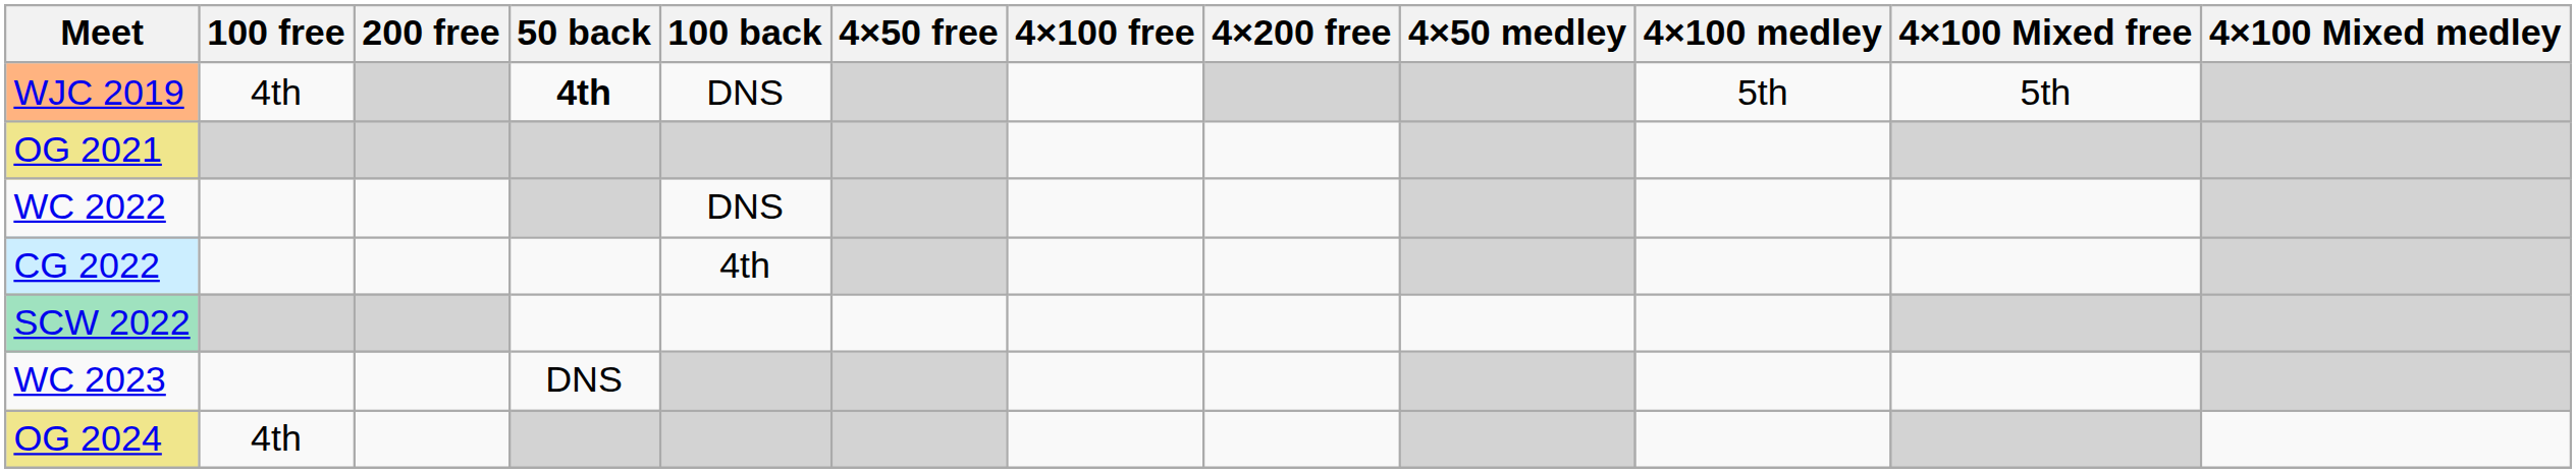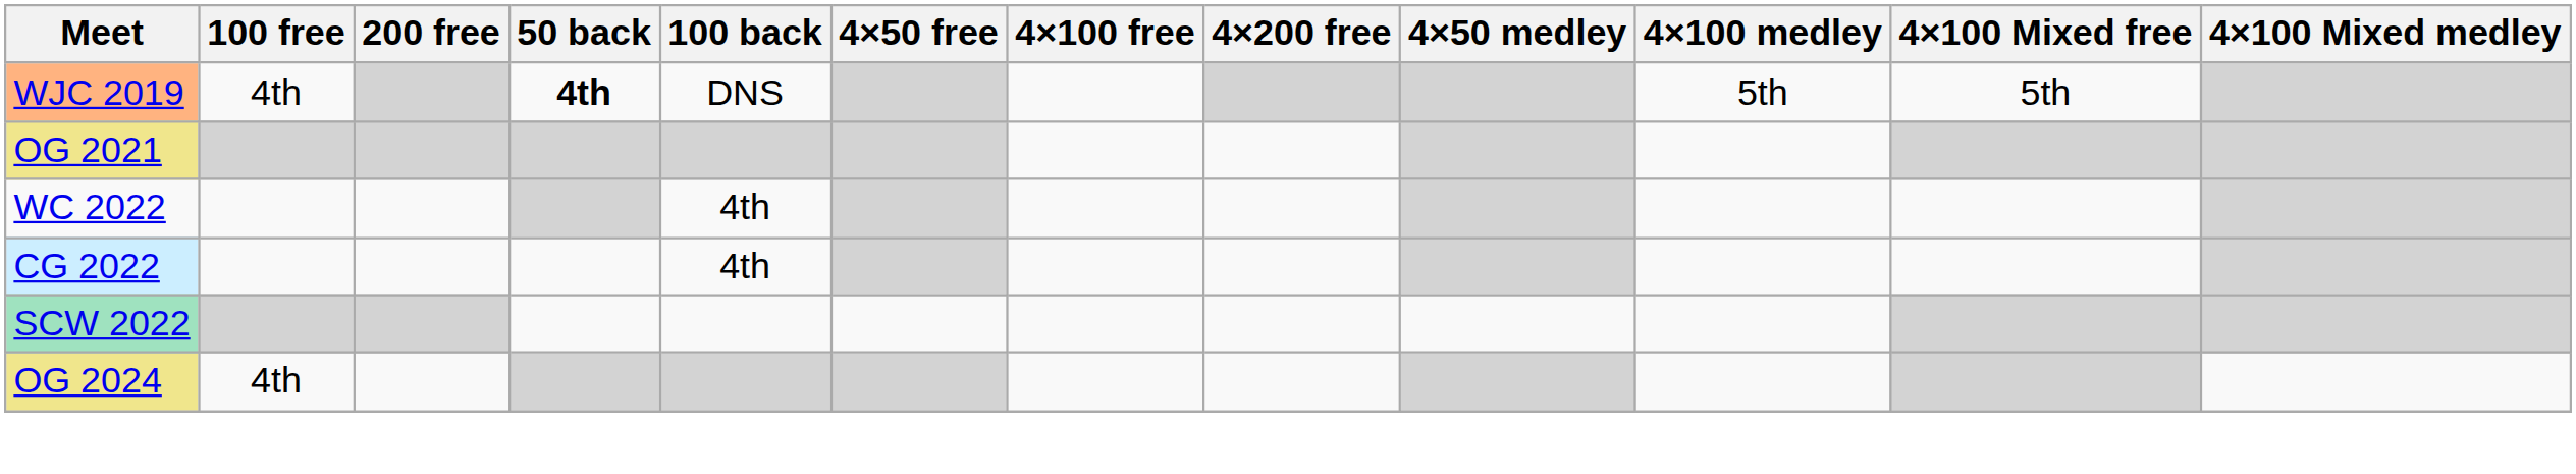 <table class="sortable wikitable">
 <tr>
 <th>Meet</th>
 <th class="unsortable">100 free</th>
 <th class="unsortable">200 free</th>
 <th class="unsortable">50 back</th>
 <th class="unsortable">100 back</th>
 <th class="unsortable">4×50 free</th>
 <th class="unsortable">4×100 free</th>
 <th class="unsortable">4×200 free</th>
 <th class="unsortable">4×50 medley</th>
 <th class="unsortable">4×100 medley</th>
 <th class="unsortable">4×100 Mixed free</th>
 <th class="unsortable">4×100 Mixed medley</th>
 </tr>
 <tr>
 <td style="background:#ffb380"><a href='#'>WJC 2019</a></td>
 <td align="center">4th</td>
 <td style="background:#d3d3d3"></td>
 <td align="center"><strong>4th</strong></td>
 <td align="center">DNS</td>
 <td style="background:#d3d3d3"></td>
 <td align="center"></td>
 <td style="background:#d3d3d3"></td>
 <td style="background:#d3d3d3"></td>
 <td align="center">5th</td>
 <td align="center">5th</td>
 <td style="background:#d3d3d3"></td>
 </tr>
 <tr>
 <td style="background:#f0e68c"><a href='#'>OG 2021</a></td>
 <td style="background:#d3d3d3"></td>
 <td style="background:#d3d3d3"></td>
 <td style="background:#d3d3d3"></td>
 <td style="background:#d3d3d3"></td>
 <td style="background:#d3d3d3"></td>
 <td align="center"></td>
 <td align="center"></td>
 <td style="background:#d3d3d3"></td>
 <td align="center"></td>
 <td style="background:#d3d3d3"></td>
 <td style="background:#d3d3d3"></td>
 </tr>
 <tr>
 <td><a href='#'>WC 2022</a></td>
 <td align="center"></td>
 <td align="center"></td>
 <td style="background:#d3d3d3"></td>
-<td align="center">DNS</td>
+<td align="center">4th</td>
 <td style="background:#d3d3d3"></td>
 <td align="center"></td>
 <td align="center"></td>
 <td style="background:#d3d3d3"></td>
 <td align="center"></td>
 <td align="center"></td>
 <td style="background:#d3d3d3"></td>
 </tr>
 <tr>
 <td style="background:#cceeff"><a href='#'>CG 2022</a></td>
 <td align="center"></td>
 <td align="center"></td>
 <td align="center"></td>
 <td align="center">4th</td>
 <td style="background:#d3d3d3"></td>
 <td align="center"></td>
 <td align="center"></td>
 <td style="background:#d3d3d3"></td>
 <td align="center"></td>
 <td align="center"></td>
 <td style="background:#d3d3d3"></td>
 </tr>
 <tr>
 <td style="background:#9fe2bf"><a href='#'>SCW 2022</a></td>
 <td style="background:#d3d3d3"></td>
 <td style="background:#d3d3d3"></td>
 <td align="center"></td>
 <td align="center"></td>
 <td align="center"></td>
 <td align="center"></td>
 <td align="center"></td>
 <td align="center"></td>
 <td align="center"></td>
 <td style="background:#d3d3d3"></td>
 <td style="background:#d3d3d3"></td>
 </tr>
 <tr>
-<td><a href='#'>WC 2023</a></td>
-<td align="center"></td>
-<td align="center"></td>
-<td align="center">DNS</td>
-<td style="background:#d3d3d3"></td>
-<td style="background:#d3d3d3"></td>
-<td align="center"></td>
-<td align="center"></td>
-<td style="background:#d3d3d3"></td>
-<td align="center"></td>
-<td align="center"></td>
-<td style="background:#d3d3d3"></td>
-</tr>
-<tr>
 <td style="background:#f0e68c"><a href='#'>OG 2024</a></td>
 <td align="center">4th</td>
 <td align="center"></td>
 <td style="background:#d3d3d3"></td>
 <td style="background:#d3d3d3"></td>
 <td style="background:#d3d3d3"></td>
 <td align="center"></td>
 <td align="center"></td>
 <td style="background:#d3d3d3"></td>
 <td align="center"></td>
 <td style="background:#d3d3d3"></td>
 <td align="center"></td>
 </tr>
 <tr>
 </tr>
 </table>
